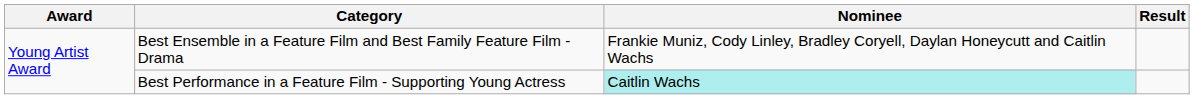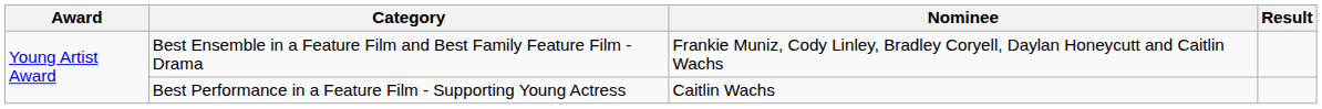 <table class="wikitable sortable">
 <tr>
 <th>Award</th>
 <th>Category</th>
 <th>Nominee</th>
 <th>Result</th>
 </tr>
 <tr>
 <td rowspan="2"><a href='#'>Young Artist Award</a></td>
 <td>Best Ensemble in a Feature Film and Best Family Feature Film - Drama</td>
 <td>Frankie Muniz, Cody Linley, Bradley Coryell, Daylan Honeycutt and Caitlin Wachs</td>
 <td></td>
 </tr>
 <tr>
 <td>Best Performance in a Feature Film - Supporting Young Actress</td>
-<td style="background: paleturquoise;">Caitlin Wachs</td>
+<td>Caitlin Wachs</td>
 <td></td>
 </tr>
 </table>
